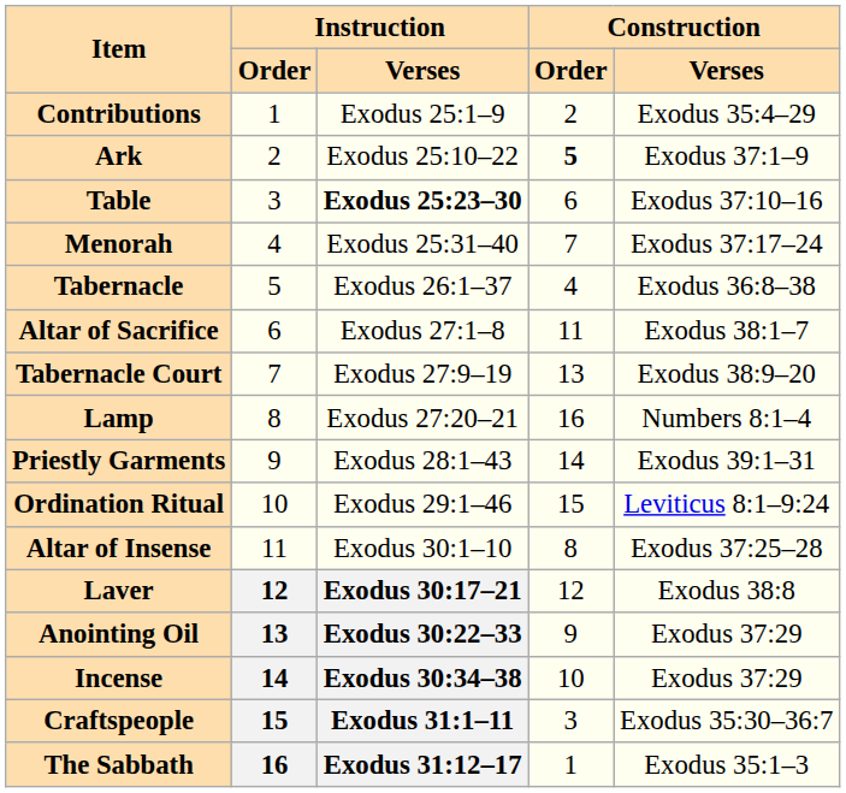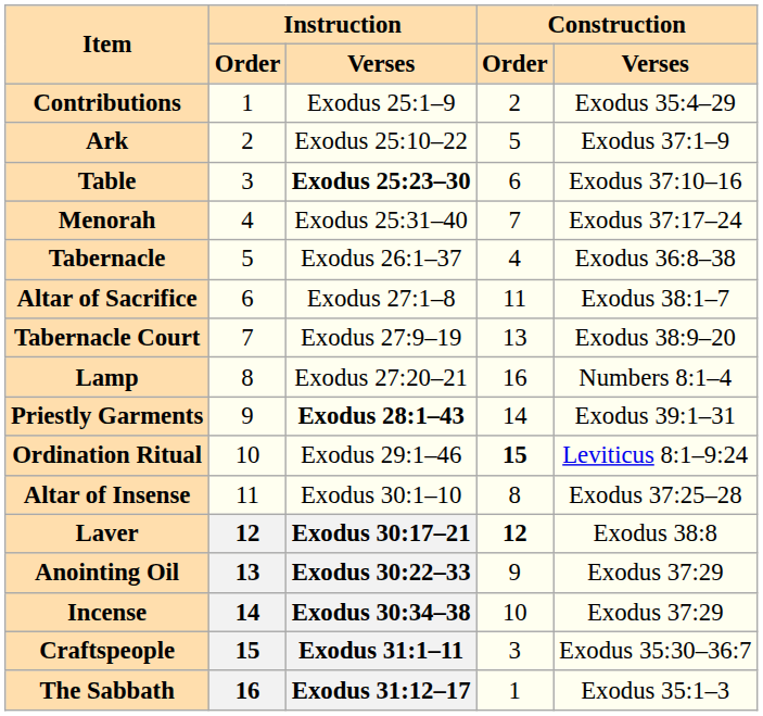 <table class="wikitable" style="text-align:center; background:Ivory;">
 <tr>
 <th style="background:Navajowhite;" rowspan=2>Item</th>
 <th style="background:Navajowhite;" colspan=2>Instruction</th>
 <th style="background:Navajowhite;" colspan=2>Construction</th>
 </tr>
 <tr>
 <th style="background:Navajowhite;">Order</th>
 <th style="background:Navajowhite;">Verses</th>
 <th style="background:Navajowhite;">Order</th>
 <th style="background:Navajowhite;">Verses</th>
 </tr>
 <tr>
 <th style="background:Navajowhite;">Contributions</th>
 <td>1</td>
 <td>Exodus 25:1–9</td>
 <td>2</td>
 <td>Exodus 35:4–29</td>
 </tr>
 <tr>
 <th style="background:Navajowhite;">Ark</th>
 <td>2</td>
 <td>Exodus 25:10–22</td>
-<td><strong>5</strong></td>
+<td>5</td>
 <td>Exodus 37:1–9</td>
 </tr>
 <tr>
 <th style="background:Navajowhite;">Table</th>
 <td>3</td>
 <td><strong>Exodus 25:23–30</strong></td>
 <td>6</td>
 <td>Exodus 37:10–16</td>
 </tr>
 <tr>
 <th style="background:Navajowhite;">Menorah</th>
 <td>4</td>
 <td>Exodus 25:31–40</td>
 <td>7</td>
 <td>Exodus 37:17–24</td>
 </tr>
 <tr>
 <th style="background:Navajowhite;">Tabernacle</th>
 <td>5</td>
 <td>Exodus 26:1–37</td>
 <td>4</td>
 <td>Exodus 36:8–38</td>
 </tr>
 <tr>
 <th style="background:Navajowhite;">Altar of Sacrifice</th>
 <td>6</td>
 <td>Exodus 27:1–8</td>
 <td>11</td>
 <td>Exodus 38:1–7</td>
 </tr>
 <tr>
 <th style="background:Navajowhite;">Tabernacle Court</th>
 <td>7</td>
 <td>Exodus 27:9–19</td>
 <td>13</td>
 <td>Exodus 38:9–20</td>
 </tr>
 <tr>
 <th style="background:Navajowhite;">Lamp</th>
 <td>8</td>
 <td>Exodus 27:20–21</td>
 <td>16</td>
 <td>Numbers 8:1–4</td>
 </tr>
 <tr>
 <th style="background:Navajowhite;">Priestly Garments</th>
 <td>9</td>
-<td>Exodus 28:1–43</td>
+<td><strong>Exodus 28:1–43</strong></td>
 <td>14</td>
 <td>Exodus 39:1–31</td>
 </tr>
 <tr>
 <th style="background:Navajowhite;">Ordination Ritual</th>
 <td>10</td>
 <td>Exodus 29:1–46</td>
-<td>15</td>
+<td><strong>15</strong></td>
 <td><a href='#'>Leviticus</a> 8:1–9:24</td>
 </tr>
 <tr>
 <th style="background:Navajowhite;">Altar of Insense</th>
 <td>11</td>
 <td>Exodus 30:1–10</td>
 <td>8</td>
 <td>Exodus 37:25–28</td>
 </tr>
 <tr>
 <th style="background:Navajowhite;">Laver</th>
 <th>12</th>
 <th>Exodus 30:17–21</th>
-<td>12</td>
+<td><strong>12</strong></td>
 <td>Exodus 38:8</td>
 </tr>
 <tr>
 <th style="background:Navajowhite;">Anointing Oil</th>
 <th>13</th>
 <th>Exodus 30:22–33</th>
 <td>9</td>
 <td>Exodus 37:29</td>
 </tr>
 <tr>
 <th style="background:Navajowhite;">Incense</th>
 <th>14</th>
 <th>Exodus 30:34–38</th>
 <td>10</td>
 <td>Exodus 37:29</td>
 </tr>
 <tr>
 <th style="background:Navajowhite;">Craftspeople</th>
 <th>15</th>
 <th>Exodus 31:1–11</th>
 <td>3</td>
 <td>Exodus 35:30–36:7</td>
 </tr>
 <tr>
 <th style="background:Navajowhite;">The Sabbath</th>
 <th>16</th>
 <th>Exodus 31:12–17</th>
 <td>1</td>
 <td>Exodus 35:1–3</td>
 </tr>
 </table>
